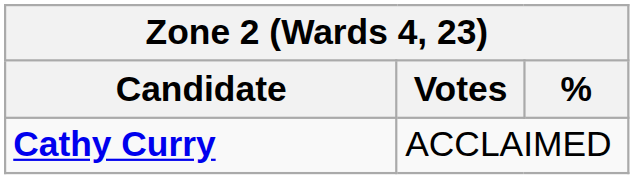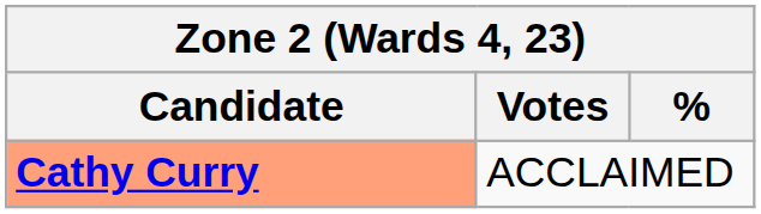 <table class="wikitable">
 <tr>
 <th colspan="3">Zone 2 (Wards 4, 23)</th>
 </tr>
 <tr>
 <th style="width: 170px">Candidate</th>
 <th style="width: 50px">Votes</th>
 <th style="width: 40px">%</th>
 </tr>
 <tr>
-<td><strong><a href='#'>Cathy Curry</a></strong></td>
+<td style="background: lightsalmon;"><strong><a href='#'>Cathy Curry</a></strong></td>
 <td colspan="2">ACCLAIMED</td>
 </tr>
 </table>
